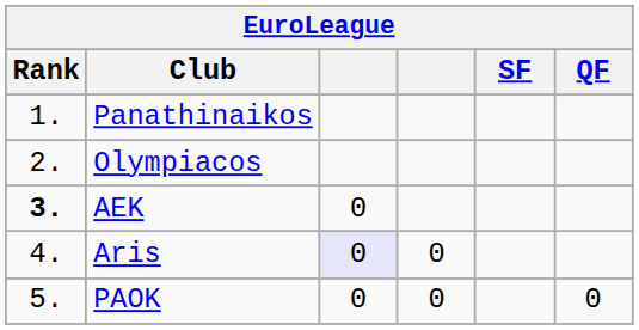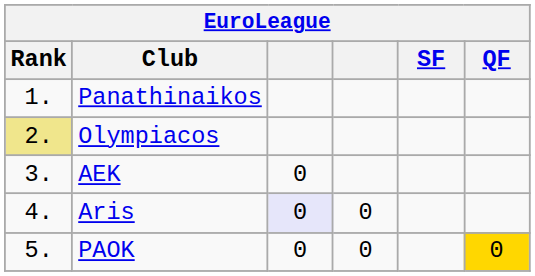 <table class="wikitable" style="text-align:center">
 <tr style="font-size:90%">
 <th colspan=6><a href='#'>EuroLeague</a></th>
 </tr>
 <tr>
 <th width=30>Rank</th>
 <th width=30>Club</th>
 <th width=30></th>
 <th width=30></th>
 <th width=30><a href='#'>SF</a></th>
 <th width=30><a href='#'>QF</a></th>
 </tr>
 <tr>
 <td>1.</td>
 <td align=left><a href='#'>Panathinaikos</a></td>
 <td></td>
 <td></td>
 <td></td>
 <td></td>
 </tr>
 <tr>
-<td>2.</td>
+<td style="background: khaki;">2.</td>
 <td align=left><a href='#'>Olympiacos</a></td>
 <td></td>
 <td></td>
 <td></td>
 <td></td>
 </tr>
 <tr>
-<td><strong>3.</strong></td>
+<td>3.</td>
 <td align=left><a href='#'>AEK</a></td>
 <td>0</td>
 <td></td>
 <td></td>
 <td></td>
 </tr>
 <tr>
 <td>4.</td>
 <td align=left><a href='#'>Aris</a></td>
 <td style="background: lavender;">0</td>
 <td>0</td>
 <td></td>
 <td></td>
 </tr>
 <tr>
 <td>5.</td>
 <td align=left><a href='#'>PAOK</a></td>
 <td>0</td>
 <td>0</td>
 <td></td>
-<td>0</td>
+<td style="background: gold;">0</td>
 </tr>
 </table>
